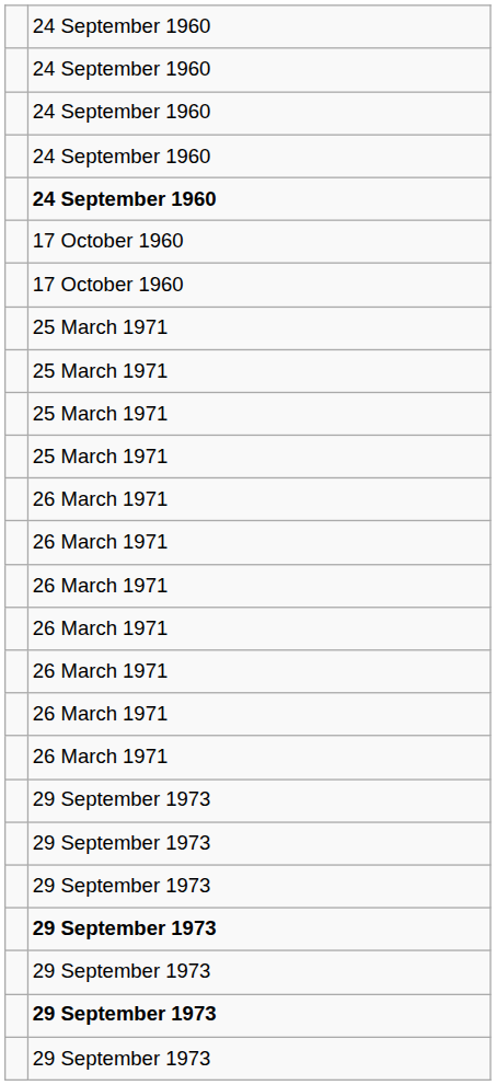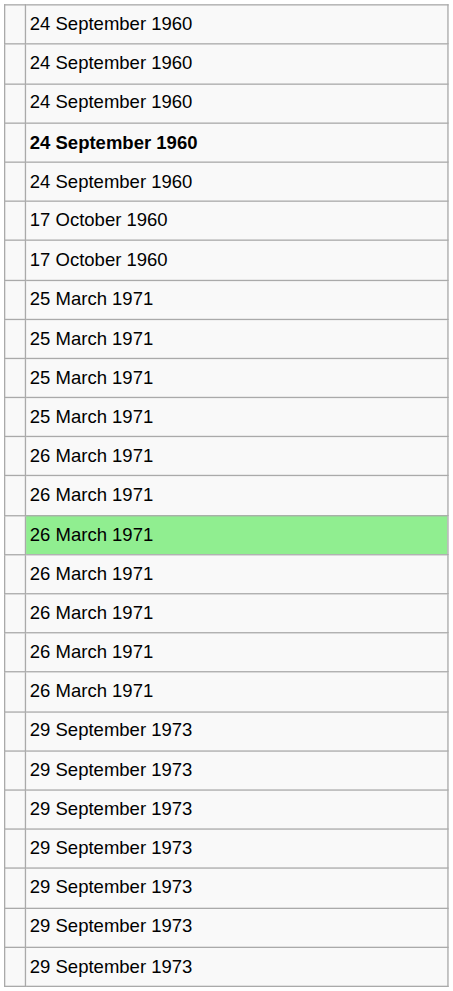 <table class="wikitable" style="font-size: 89%; float: left; width: 24em; margin-right: 1em; line-height: 1.65em">
 <tr>
 <td></td>
 <td>24 September 1960</td>
 </tr>
 <tr>
 <td></td>
 <td>24 September 1960</td>
 </tr>
 <tr>
 <td></td>
 <td>24 September 1960</td>
 </tr>
 <tr>
 <td></td>
-<td>24 September 1960</td>
+<td><strong>24 September 1960</strong></td>
 </tr>
 <tr>
 <td></td>
-<td><strong>24 September 1960</strong></td>
+<td>24 September 1960</td>
 </tr>
 <tr>
 <td></td>
 <td>17 October 1960</td>
 </tr>
 <tr>
 <td></td>
 <td>17 October 1960</td>
 </tr>
 <tr>
 <td></td>
 <td>25 March 1971</td>
 </tr>
 <tr>
 <td></td>
 <td>25 March 1971</td>
 </tr>
 <tr>
 <td></td>
 <td>25 March 1971</td>
 </tr>
 <tr>
 <td></td>
 <td>25 March 1971</td>
 </tr>
 <tr>
 <td></td>
 <td>26 March 1971</td>
 </tr>
 <tr>
 <td></td>
 <td>26 March 1971</td>
 </tr>
 <tr>
 <td></td>
-<td>26 March 1971</td>
+<td style="background: lightgreen;">26 March 1971</td>
 </tr>
 <tr>
 <td></td>
 <td>26 March 1971</td>
 </tr>
 <tr>
 <td></td>
 <td>26 March 1971</td>
 </tr>
 <tr>
 <td></td>
 <td>26 March 1971</td>
 </tr>
 <tr>
 <td></td>
 <td>26 March 1971</td>
 </tr>
 <tr>
 <td></td>
 <td>29 September 1973</td>
 </tr>
 <tr>
 <td></td>
 <td>29 September 1973</td>
 </tr>
 <tr>
 <td></td>
 <td>29 September 1973</td>
 </tr>
 <tr>
 <td></td>
-<td><strong>29 September 1973</strong></td>
+<td>29 September 1973</td>
 </tr>
 <tr>
 <td></td>
 <td>29 September 1973</td>
 </tr>
 <tr>
 <td></td>
-<td><strong>29 September 1973</strong></td>
+<td>29 September 1973</td>
 </tr>
 <tr>
 <td></td>
 <td>29 September 1973</td>
 </tr>
 </table>
